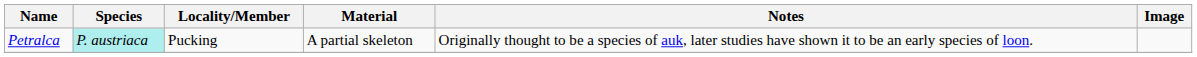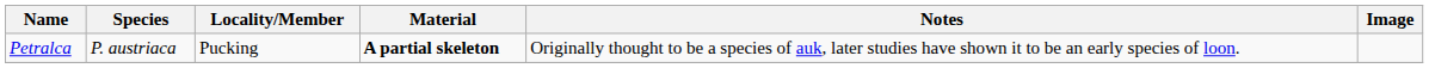 <table class="wikitable" align="center" width="100%">
 <tr>
 <th>Name</th>
 <th>Species</th>
 <th>Locality/Member</th>
 <th>Material</th>
 <th>Notes</th>
 <th>Image</th>
 </tr>
 <tr>
 <td><em><a href='#'>Petralca</a></em></td>
-<td style="background: paleturquoise;"><em>P. austriaca</em></td>
+<td><em>P. austriaca</em></td>
 <td>Pucking</td>
-<td>A partial skeleton</td>
+<td><strong>A partial skeleton</strong></td>
 <td>Originally thought to be a species of <a href='#'>auk</a>, later studies have shown it to be an early species of <a href='#'>loon</a>.</td>
 <td></td>
 </tr>
 <tr>
 </tr>
 </table>
